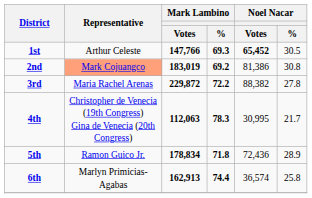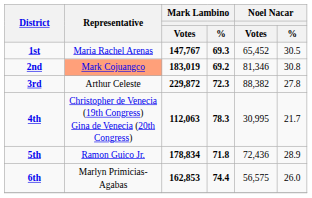 <table class="wikitable collapsible collapsed" style="text-align:right; font-size:95%; line-height:20px;">
 <tr>
 <th rowspan="3" width="90"><a href='#'>District</a></th>
 <th rowspan="3" width="150">Representative</th>
 <th colspan="2" width="110">Mark Lambino</th>
 <th colspan="2" width="110">Noel Nacar</th>
 </tr>
 <tr>
 <th colspan="2" style="background:"></th>
 <th colspan="2" style="background:"></th>
 </tr>
 <tr>
 <th>Votes</th>
 <th>%</th>
 <th>Votes</th>
 <th>%</th>
 </tr>
 <tr align="center">
 <td scope="row"><strong><a href='#'>1st</a></strong></td>
-<td>Arthur Celeste</td>
-<td style="background:"><strong>147,766</strong></td>
+<td><a href='#'>Maria Rachel Arenas</a></td>
+<td style="background:"><strong>147,767</strong></td>
 <td style="background:"><strong>69.3</strong></td>
-<td><strong>65,452</strong></td>
+<td>65,452</td>
 <td>30.5</td>
 </tr>
 <tr align="center">
 <td scope="row"><strong><a href='#'>2nd</a></strong></td>
 <td style="background: lightsalmon;"><a href='#'>Mark Cojuangco</a></td>
 <td style="background:"><strong>183,019</strong></td>
 <td style="background:"><strong>69.2</strong></td>
-<td>81,386</td>
+<td>81,346</td>
 <td>30.8</td>
 </tr>
 <tr align="center">
 <td scope="row"><strong><a href='#'>3rd</a></strong></td>
-<td><a href='#'>Maria Rachel Arenas</a></td>
+<td>Arthur Celeste</td>
 <td style="background:"><strong>229,872</strong></td>
-<td style="background:"><strong>72.2</strong></td>
+<td style="background:"><strong>72.3</strong></td>
 <td>88,382</td>
 <td>27.8</td>
 </tr>
 <tr align="center">
 <td><strong><a href='#'>4th</a></strong></td>
 <td><a href='#'>Christopher de Venecia</a> (<a href='#'>19th Congress</a>)<br><a href='#'>Gina de Venecia</a> (<a href='#'>20th Congress</a>)</td>
 <td style="background:"><strong>112,063</strong></td>
 <td style="background:"><strong>78.3</strong></td>
 <td>30,995</td>
 <td>21.7</td>
 </tr>
 <tr align="center">
 <td scope="row"><strong><a href='#'>5th</a></strong></td>
 <td><a href='#'>Ramon Guico Jr.</a></td>
 <td style="background:"><strong>178,834</strong></td>
 <td style="background:"><strong>71.8</strong></td>
 <td>72,436</td>
 <td>28.9</td>
 </tr>
 <tr align="center">
 <td scope="row"><strong><a href='#'>6th</a></strong></td>
 <td>Marlyn Primicias-Agabas</td>
-<td style="background:"><strong>162,913</strong></td>
+<td style="background:"><strong>162,853</strong></td>
 <td style="background:"><strong>74.4</strong></td>
-<td>36,574</td>
-<td>25.8</td>
+<td>56,575</td>
+<td>26.0</td>
 </tr>
 <tr>
 </tr>
 </table>
